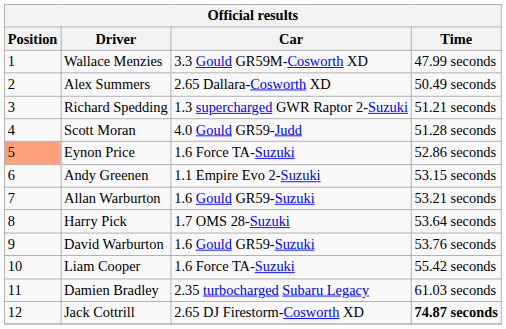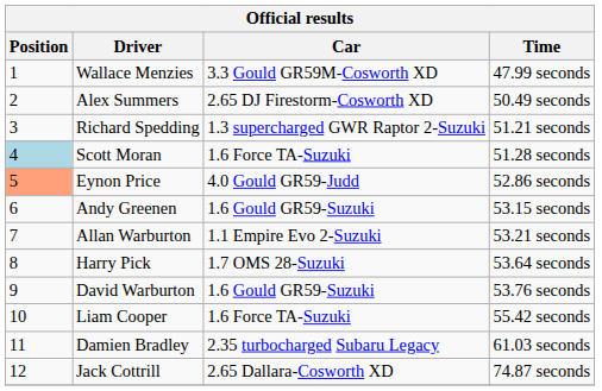 <table class="wikitable" style="font-size: 100%">
 <tr>
 <th colspan=4>Official results</th>
 </tr>
 <tr>
 <th>Position</th>
 <th>Driver</th>
 <th>Car</th>
 <th>Time</th>
 </tr>
 <tr>
 <td>1</td>
 <td>Wallace Menzies</td>
 <td>3.3 <a href='#'>Gould</a> GR59M-<a href='#'>Cosworth</a> XD</td>
 <td>47.99 seconds</td>
 </tr>
 <tr>
 <td>2</td>
 <td>Alex Summers</td>
-<td>2.65 Dallara-<a href='#'>Cosworth</a> XD</td>
+<td>2.65 DJ Firestorm-<a href='#'>Cosworth</a> XD</td>
 <td>50.49 seconds</td>
 </tr>
 <tr>
 <td>3</td>
 <td>Richard Spedding</td>
 <td>1.3 <a href='#'>supercharged</a> GWR Raptor 2-<a href='#'>Suzuki</a></td>
 <td>51.21 seconds</td>
 </tr>
 <tr>
-<td>4</td>
+<td style="background: lightblue;">4</td>
 <td>Scott Moran</td>
-<td>4.0 <a href='#'>Gould</a> GR59-<a href='#'>Judd</a></td>
+<td>1.6 Force TA-<a href='#'>Suzuki</a></td>
 <td>51.28 seconds</td>
 </tr>
 <tr>
 <td style="background: lightsalmon;">5</td>
 <td>Eynon Price</td>
-<td>1.6 Force TA-<a href='#'>Suzuki</a></td>
+<td>4.0 <a href='#'>Gould</a> GR59-<a href='#'>Judd</a></td>
 <td>52.86 seconds</td>
 </tr>
 <tr>
 <td>6</td>
 <td>Andy Greenen</td>
-<td>1.1 Empire Evo 2-<a href='#'>Suzuki</a></td>
+<td>1.6 <a href='#'>Gould</a> GR59-<a href='#'>Suzuki</a></td>
 <td>53.15 seconds</td>
 </tr>
 <tr>
 <td>7</td>
 <td>Allan Warburton</td>
-<td>1.6 <a href='#'>Gould</a> GR59-<a href='#'>Suzuki</a></td>
+<td>1.1 Empire Evo 2-<a href='#'>Suzuki</a></td>
 <td>53.21 seconds</td>
 </tr>
 <tr>
 <td>8</td>
 <td>Harry Pick</td>
 <td>1.7 OMS 28-<a href='#'>Suzuki</a></td>
 <td>53.64 seconds</td>
 </tr>
 <tr>
 <td>9</td>
 <td>David Warburton</td>
 <td>1.6 <a href='#'>Gould</a> GR59-<a href='#'>Suzuki</a></td>
 <td>53.76 seconds</td>
 </tr>
 <tr>
 <td>10</td>
 <td>Liam Cooper</td>
 <td>1.6 Force TA-<a href='#'>Suzuki</a></td>
 <td>55.42 seconds</td>
 </tr>
 <tr>
 <td>11</td>
 <td>Damien Bradley</td>
 <td>2.35 <a href='#'>turbocharged</a> <a href='#'>Subaru Legacy</a></td>
 <td>61.03 seconds</td>
 </tr>
 <tr>
 <td>12</td>
 <td>Jack Cottrill</td>
-<td>2.65 DJ Firestorm-<a href='#'>Cosworth</a> XD</td>
-<td><strong>74.87 seconds</strong></td>
+<td>2.65 Dallara-<a href='#'>Cosworth</a> XD</td>
+<td>74.87 seconds</td>
 </tr>
 <tr>
 </tr>
 </table>
